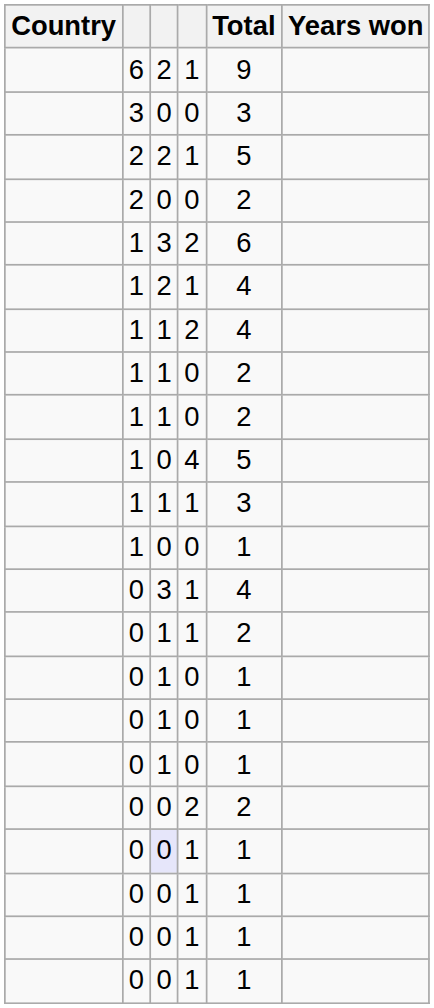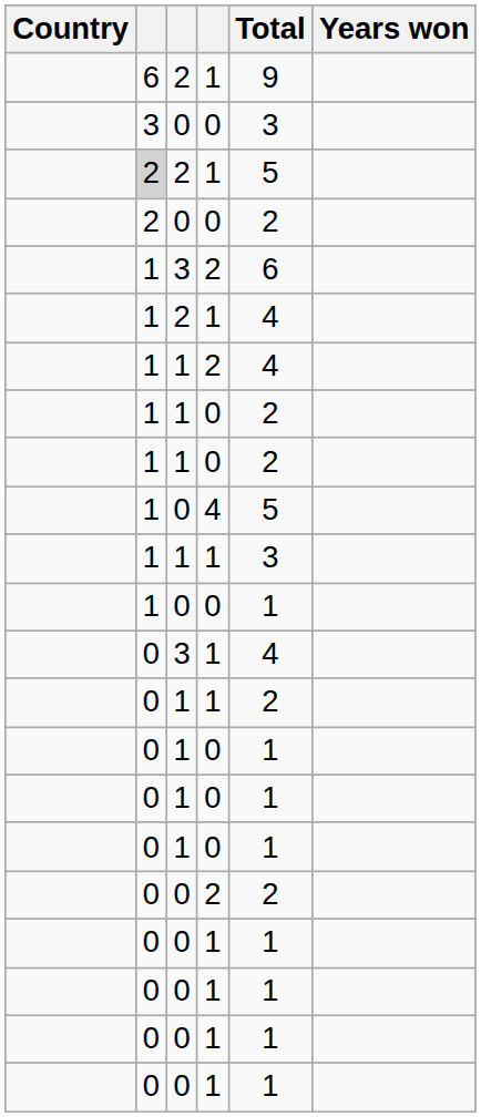 <table class="wikitable sortable" style="margin-top:0;">
 <tr>
 <th>Country</th>
 <th></th>
 <th></th>
 <th></th>
 <th>Total</th>
 <th>Years won</th>
 </tr>
 <tr>
 <td></td>
 <td align=center>6</td>
 <td align=center>2</td>
 <td align=center>1</td>
 <td align=center>9</td>
 <td></td>
 </tr>
 <tr>
 <td></td>
 <td align=center>3</td>
 <td align=center>0</td>
 <td align=center>0</td>
 <td align=center>3</td>
 <td></td>
 </tr>
 <tr>
 <td></td>
-<td align=center>2</td>
+<td align=center style="background: lightgrey;">2</td>
 <td align=center>2</td>
 <td align=center>1</td>
 <td align=center>5</td>
 <td></td>
 </tr>
 <tr>
 <td></td>
 <td align=center>2</td>
 <td align=center>0</td>
 <td align=center>0</td>
 <td align=center>2</td>
 <td></td>
 </tr>
 <tr>
 <td></td>
 <td align=center>1</td>
 <td align=center>3</td>
 <td align=center>2</td>
 <td align=center>6</td>
 <td></td>
 </tr>
 <tr>
 <td></td>
 <td align=center>1</td>
 <td align=center>2</td>
 <td align=center>1</td>
 <td align=center>4</td>
 <td></td>
 </tr>
 <tr>
 <td></td>
 <td align=center>1</td>
 <td align=center>1</td>
 <td align=center>2</td>
 <td align=center>4</td>
 <td></td>
 </tr>
 <tr>
 <td></td>
 <td align=center>1</td>
 <td align=center>1</td>
 <td align=center>0</td>
 <td align=center>2</td>
 <td></td>
 </tr>
 <tr>
 <td></td>
 <td align=center>1</td>
 <td align=center>1</td>
 <td align=center>0</td>
 <td align=center>2</td>
 <td></td>
 </tr>
 <tr>
 <td></td>
 <td align=center>1</td>
 <td align=center>0</td>
 <td align=center>4</td>
 <td align=center>5</td>
 <td></td>
 </tr>
 <tr>
 <td></td>
 <td align=center>1</td>
 <td align=center>1</td>
 <td align=center>1</td>
 <td align=center>3</td>
 <td></td>
 </tr>
 <tr>
 <td></td>
 <td align=center>1</td>
 <td align=center>0</td>
 <td align=center>0</td>
 <td align=center>1</td>
 <td></td>
 </tr>
 <tr>
 <td></td>
 <td align=center>0</td>
 <td align=center>3</td>
 <td align=center>1</td>
 <td align=center>4</td>
 <td></td>
 </tr>
 <tr>
 <td></td>
 <td align=center>0</td>
 <td align=center>1</td>
 <td align=center>1</td>
 <td align=center>2</td>
 <td></td>
 </tr>
 <tr>
 <td></td>
 <td align=center>0</td>
 <td align=center>1</td>
 <td align=center>0</td>
 <td align=center>1</td>
 <td></td>
 </tr>
 <tr>
 <td></td>
 <td align=center>0</td>
 <td align=center>1</td>
 <td align=center>0</td>
 <td align=center>1</td>
 <td></td>
 </tr>
 <tr>
 <td></td>
 <td align=center>0</td>
 <td align=center>1</td>
 <td align=center>0</td>
 <td align=center>1</td>
 <td></td>
 </tr>
 <tr>
 <td></td>
 <td align=center>0</td>
 <td align=center>0</td>
 <td align=center>2</td>
 <td align=center>2</td>
 <td></td>
 </tr>
 <tr>
 <td></td>
 <td align=center>0</td>
-<td align=center style="background: lavender;">0</td>
+<td align=center>0</td>
 <td align=center>1</td>
 <td align=center>1</td>
 <td></td>
 </tr>
 <tr>
 <td></td>
 <td align=center>0</td>
 <td align=center>0</td>
 <td align=center>1</td>
 <td align=center>1</td>
 <td></td>
 </tr>
 <tr>
 <td></td>
 <td align=center>0</td>
 <td align=center>0</td>
 <td align=center>1</td>
 <td align=center>1</td>
 <td></td>
 </tr>
 <tr>
 <td></td>
 <td align=center>0</td>
 <td align=center>0</td>
 <td align=center>1</td>
 <td align=center>1</td>
 <td></td>
 </tr>
 <tr>
 </tr>
 </table>
